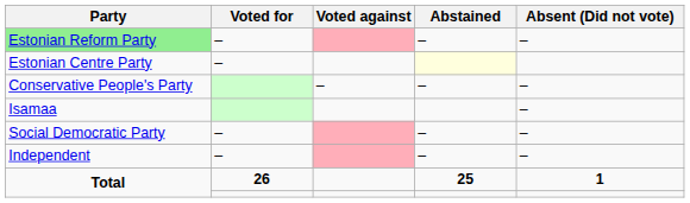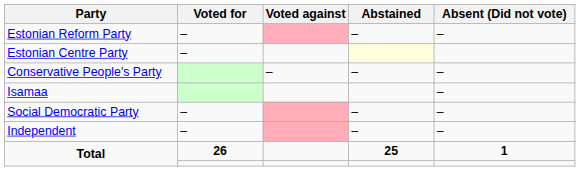 <table class="wikitable">
 <tr>
 <th>Party</th>
 <th style="width:15%;">Voted for</th>
 <th style="width:15%;">Voted against</th>
 <th style="width:15%;">Abstained</th>
 <th>Absent (Did not vote)</th>
 </tr>
 <tr>
-<td style="background: lightgreen;"> <a href='#'>Estonian Reform Party</a></td>
+<td> <a href='#'>Estonian Reform Party</a></td>
 <td>–</td>
 <td style="background-color:#FFAEB9;"></td>
 <td>–</td>
 <td>–</td>
 </tr>
 <tr>
 <td> <a href='#'>Estonian Centre Party</a></td>
 <td>–</td>
 <td></td>
 <td style="background-color:#FFD;"></td>
 <td></td>
 </tr>
 <tr>
 <td> <a href='#'>Conservative People's Party</a></td>
 <td style="background-color:#CCFFCC;"></td>
 <td>–</td>
 <td>–</td>
 <td>–</td>
 </tr>
 <tr>
 <td> <a href='#'>Isamaa</a></td>
 <td style="background-color:#CCFFCC;"></td>
 <td></td>
 <td></td>
 <td>–</td>
 </tr>
 <tr>
 <td> <a href='#'>Social Democratic Party</a></td>
 <td>–</td>
 <td style="background-color:#FFAEB9;"></td>
 <td>–</td>
 <td>–</td>
 </tr>
 <tr>
 <td> <a href='#'>Independent</a></td>
 <td>–</td>
 <td style="background-color:#FFAEB9;"></td>
 <td>–</td>
 <td>–</td>
 </tr>
 <tr>
 <td style="text-align:center;" rowspan="2"><strong>Total</strong></td>
 <td style="text-align:center;"><strong>26</strong></td>
 <td></td>
 <td style="text-align:center;"><strong>25</strong></td>
 <td style="text-align:center;"><strong>1</strong></td>
 </tr>
 <tr>
 <td style="text-align:center;"></td>
 <td style="text-align:center;"></td>
 <td style="text-align:center;"></td>
 <td style="text-align:center;"></td>
 </tr>
 </table>
